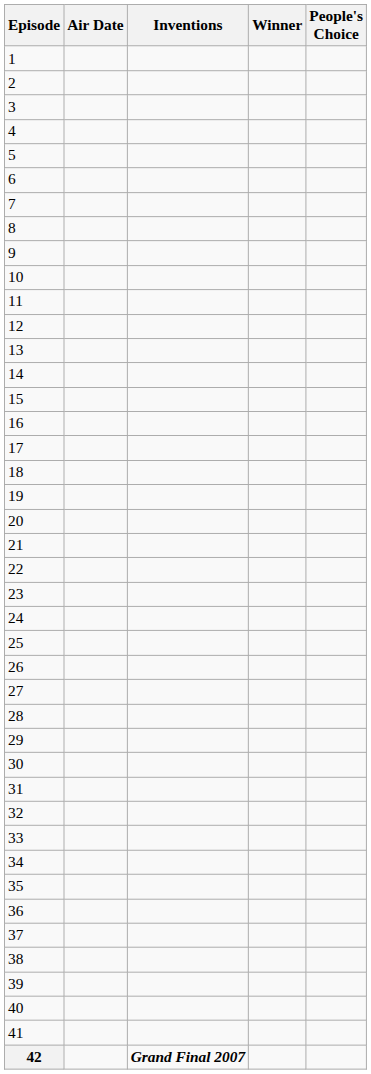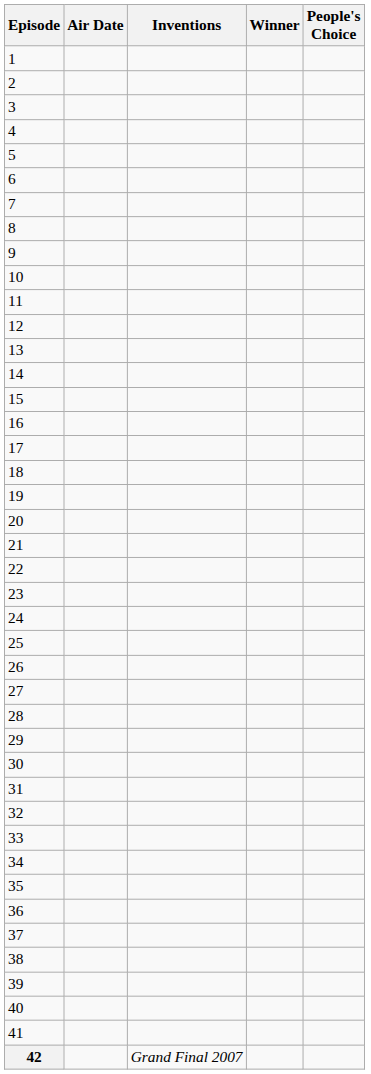 <table class="wikitable">
 <tr>
 <th>Episode</th>
 <th>Air Date</th>
 <th>Inventions</th>
 <th>Winner</th>
 <th>People's<br>Choice</th>
 </tr>
 <tr>
 <td>1</td>
 <td></td>
 <td></td>
 <td></td>
 <td></td>
 </tr>
 <tr>
 <td>2</td>
 <td></td>
 <td></td>
 <td></td>
 <td></td>
 </tr>
 <tr>
 <td>3</td>
 <td></td>
 <td></td>
 <td></td>
 <td></td>
 </tr>
 <tr>
 <td>4</td>
 <td></td>
 <td></td>
 <td></td>
 <td></td>
 </tr>
 <tr>
 <td>5</td>
 <td></td>
 <td></td>
 <td></td>
 <td></td>
 </tr>
 <tr>
 <td>6</td>
 <td></td>
 <td></td>
 <td></td>
 <td></td>
 </tr>
 <tr>
 <td>7</td>
 <td></td>
 <td></td>
 <td></td>
 <td></td>
 </tr>
 <tr>
 <td>8</td>
 <td></td>
 <td></td>
 <td></td>
 <td></td>
 </tr>
 <tr>
 <td>9</td>
 <td></td>
 <td></td>
 <td></td>
 <td></td>
 </tr>
 <tr>
 <td>10</td>
 <td></td>
 <td></td>
 <td></td>
 <td></td>
 </tr>
 <tr>
 <td>11</td>
 <td></td>
 <td></td>
 <td></td>
 <td></td>
 </tr>
 <tr>
 <td>12</td>
 <td></td>
 <td></td>
 <td></td>
 <td></td>
 </tr>
 <tr>
 <td>13</td>
 <td></td>
 <td></td>
 <td></td>
 <td></td>
 </tr>
 <tr>
 <td>14</td>
 <td></td>
 <td></td>
 <td></td>
 <td></td>
 </tr>
 <tr>
 <td>15</td>
 <td></td>
 <td></td>
 <td></td>
 <td></td>
 </tr>
 <tr>
 <td>16</td>
 <td></td>
 <td></td>
 <td></td>
 <td></td>
 </tr>
 <tr>
 <td>17</td>
 <td></td>
 <td></td>
 <td></td>
 <td></td>
 </tr>
 <tr>
 <td>18</td>
 <td></td>
 <td></td>
 <td></td>
 <td></td>
 </tr>
 <tr>
 <td>19</td>
 <td></td>
 <td></td>
 <td></td>
 <td></td>
 </tr>
 <tr>
 <td>20</td>
 <td></td>
 <td></td>
 <td></td>
 <td></td>
 </tr>
 <tr>
 <td>21</td>
 <td></td>
 <td></td>
 <td></td>
 <td></td>
 </tr>
 <tr>
 <td>22</td>
 <td></td>
 <td></td>
 <td></td>
 <td></td>
 </tr>
 <tr>
 <td>23</td>
 <td></td>
 <td></td>
 <td></td>
 <td></td>
 </tr>
 <tr>
 <td>24</td>
 <td></td>
 <td></td>
 <td></td>
 <td></td>
 </tr>
 <tr>
 <td>25</td>
 <td></td>
 <td></td>
 <td></td>
 <td></td>
 </tr>
 <tr>
 <td>26</td>
 <td></td>
 <td></td>
 <td></td>
 <td></td>
 </tr>
 <tr>
 <td>27</td>
 <td></td>
 <td></td>
 <td></td>
 <td></td>
 </tr>
 <tr>
 <td>28</td>
 <td></td>
 <td></td>
 <td></td>
 <td></td>
 </tr>
 <tr>
 <td>29</td>
 <td></td>
 <td></td>
 <td></td>
 <td></td>
 </tr>
 <tr>
 <td>30</td>
 <td></td>
 <td></td>
 <td></td>
 <td></td>
 </tr>
 <tr>
 <td>31</td>
 <td></td>
 <td></td>
 <td></td>
 <td></td>
 </tr>
 <tr>
 <td>32</td>
 <td></td>
 <td></td>
 <td></td>
 <td></td>
 </tr>
 <tr>
 <td>33</td>
 <td></td>
 <td></td>
 <td></td>
 <td></td>
 </tr>
 <tr>
 <td>34</td>
 <td></td>
 <td></td>
 <td></td>
 <td></td>
 </tr>
 <tr>
 <td>35</td>
 <td></td>
 <td></td>
 <td></td>
 <td></td>
 </tr>
 <tr>
 <td>36</td>
 <td></td>
 <td></td>
 <td></td>
 <td></td>
 </tr>
 <tr>
 <td>37</td>
 <td></td>
 <td></td>
 <td></td>
 <td></td>
 </tr>
 <tr>
 <td>38</td>
 <td></td>
 <td></td>
 <td></td>
 <td></td>
 </tr>
 <tr>
 <td>39</td>
 <td></td>
 <td></td>
 <td></td>
 <td></td>
 </tr>
 <tr>
 <td>40</td>
 <td></td>
 <td></td>
 <td></td>
 <td></td>
 </tr>
 <tr>
 <td>41</td>
 <td></td>
 <td></td>
 <td></td>
 <td></td>
 </tr>
 <tr>
 <th scope=row rowspan=1>42</th>
 <td rowspan=1></td>
-<td><strong><em>Grand Final 2007</em></strong></td>
+<td><em>Grand Final 2007</em></td>
 <td></td>
 <td></td>
 </tr>
 </table>
